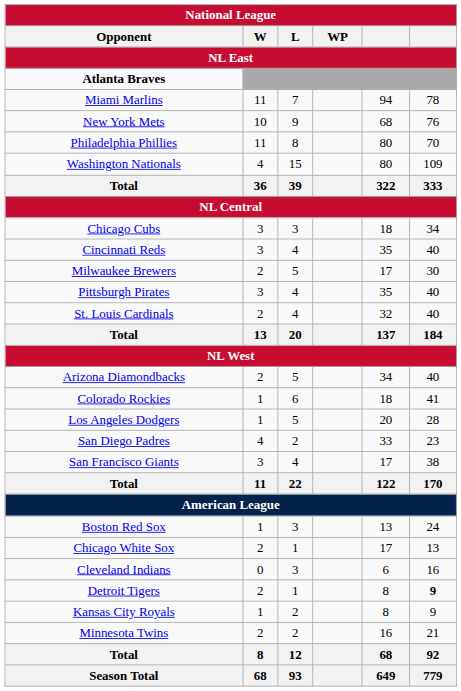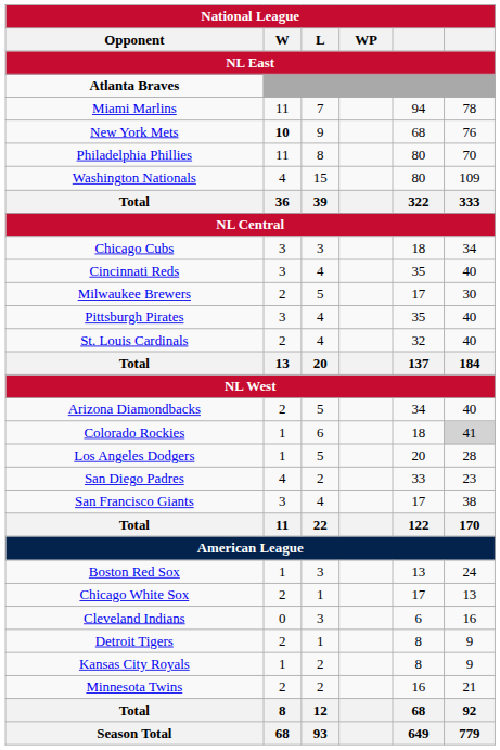 <table class="wikitable" style="font-size:95%; text-align:center; width:35em; margin:1em auto;">
 <tr>
 <th colspan="7" style="background:#c60c30; color:#fff;">National League</th>
 </tr>
 <tr>
 <th>Opponent</th>
 <th>W</th>
 <th>L</th>
 <th>WP</th>
 <th></th>
 <th></th>
 </tr>
 <tr>
 <th colspan="7" style="background:#c60c30; color:#fff;">NL East</th>
 </tr>
 <tr>
 <td><strong>Atlanta Braves</strong></td>
 <td colspan="5" style="background:darkgrey;"></td>
 </tr>
 <tr>
 <td><a href='#'>Miami Marlins</a></td>
 <td>11</td>
 <td>7</td>
 <td></td>
 <td>94</td>
 <td>78</td>
 </tr>
 <tr>
 <td><a href='#'>New York Mets</a></td>
-<td>10</td>
+<td><strong>10</strong></td>
 <td>9</td>
 <td></td>
 <td>68</td>
 <td>76</td>
 </tr>
 <tr>
 <td><a href='#'>Philadelphia Phillies</a></td>
 <td>11</td>
 <td>8</td>
 <td></td>
 <td>80</td>
 <td>70</td>
 </tr>
 <tr>
 <td><a href='#'>Washington Nationals</a></td>
 <td>4</td>
 <td>15</td>
 <td></td>
 <td>80</td>
 <td>109</td>
 </tr>
 <tr>
 <th>Total</th>
 <th>36</th>
 <th>39</th>
 <th></th>
 <th>322</th>
 <th>333</th>
 </tr>
 <tr>
 <th colspan="7" style="background:#c60c30; color:#fff;">NL Central</th>
 </tr>
 <tr>
 <td><a href='#'>Chicago Cubs</a></td>
 <td>3</td>
 <td>3</td>
 <td></td>
 <td>18</td>
 <td>34</td>
 </tr>
 <tr>
 <td><a href='#'>Cincinnati Reds</a></td>
 <td>3</td>
 <td>4</td>
 <td></td>
 <td>35</td>
 <td>40</td>
 </tr>
 <tr>
 <td><a href='#'>Milwaukee Brewers</a></td>
 <td>2</td>
 <td>5</td>
 <td></td>
 <td>17</td>
 <td>30</td>
 </tr>
 <tr>
 <td><a href='#'>Pittsburgh Pirates</a></td>
 <td>3</td>
 <td>4</td>
 <td></td>
 <td>35</td>
 <td>40</td>
 </tr>
 <tr>
 <td><a href='#'>St. Louis Cardinals</a></td>
 <td>2</td>
 <td>4</td>
 <td></td>
 <td>32</td>
 <td>40</td>
 </tr>
 <tr>
 <th>Total</th>
 <th>13</th>
 <th>20</th>
 <th></th>
 <th>137</th>
 <th>184</th>
 </tr>
 <tr>
 <th colspan="7" style="background:#c60c30; color:#fff;">NL West</th>
 </tr>
 <tr>
 <td><a href='#'>Arizona Diamondbacks</a></td>
 <td>2</td>
 <td>5</td>
 <td></td>
 <td>34</td>
 <td>40</td>
 </tr>
 <tr>
 <td><a href='#'>Colorado Rockies</a></td>
 <td>1</td>
 <td>6</td>
 <td></td>
 <td>18</td>
-<td>41</td>
+<td style="background: lightgrey;">41</td>
 </tr>
 <tr>
 <td><a href='#'>Los Angeles Dodgers</a></td>
 <td>1</td>
 <td>5</td>
 <td></td>
 <td>20</td>
 <td>28</td>
 </tr>
 <tr>
 <td><a href='#'>San Diego Padres</a></td>
 <td>4</td>
 <td>2</td>
 <td></td>
 <td>33</td>
 <td>23</td>
 </tr>
 <tr>
 <td><a href='#'>San Francisco Giants</a></td>
 <td>3</td>
 <td>4</td>
 <td></td>
 <td>17</td>
 <td>38</td>
 </tr>
 <tr>
 <th>Total</th>
 <th>11</th>
 <th>22</th>
 <th></th>
 <th>122</th>
 <th>170</th>
 </tr>
 <tr>
 <th colspan="7" style="background:#03224c; color:#fff;">American League</th>
 </tr>
 <tr>
 <td><a href='#'>Boston Red Sox</a></td>
 <td>1</td>
 <td>3</td>
 <td></td>
 <td>13</td>
 <td>24</td>
 </tr>
 <tr>
 <td><a href='#'>Chicago White Sox</a></td>
 <td>2</td>
 <td>1</td>
 <td></td>
 <td>17</td>
 <td>13</td>
 </tr>
 <tr>
 <td><a href='#'>Cleveland Indians</a></td>
 <td>0</td>
 <td>3</td>
 <td></td>
 <td>6</td>
 <td>16</td>
 </tr>
 <tr>
 <td><a href='#'>Detroit Tigers</a></td>
 <td>2</td>
 <td>1</td>
 <td></td>
 <td>8</td>
-<td><strong>9</strong></td>
+<td>9</td>
 </tr>
 <tr>
 <td><a href='#'>Kansas City Royals</a></td>
 <td>1</td>
 <td>2</td>
 <td></td>
 <td>8</td>
 <td>9</td>
 </tr>
 <tr>
 <td><a href='#'>Minnesota Twins</a></td>
 <td>2</td>
 <td>2</td>
 <td></td>
 <td>16</td>
 <td>21</td>
 </tr>
 <tr>
 <th>Total</th>
 <th>8</th>
 <th>12</th>
 <th></th>
 <th>68</th>
 <th>92</th>
 </tr>
 <tr>
 <th>Season Total</th>
 <th>68</th>
 <th>93</th>
 <th></th>
 <th>649</th>
 <th>779</th>
 </tr>
 </table>
